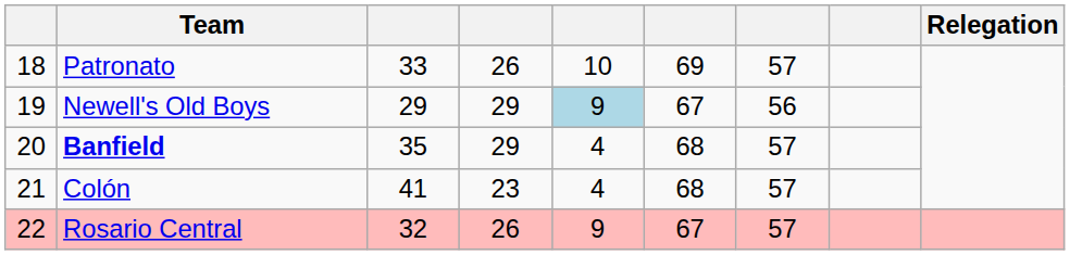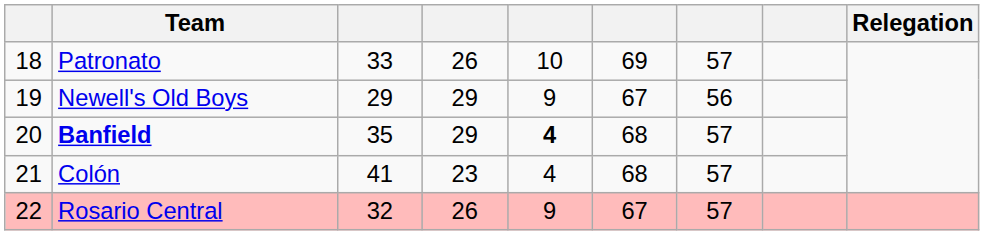 <table class="wikitable sortable" style="text-align: center;">
 <tr>
 <th width=25></th>
 <th width=185>Team</th>
 <th width=50></th>
 <th width=50></th>
 <th width=50></th>
 <th width=50></th>
 <th width=50></th>
 <th width=50></th>
 <th>Relegation</th>
 </tr>
 <tr>
 <td>18</td>
 <td align="left"><a href='#'>Patronato</a></td>
 <td>33</td>
 <td>26</td>
 <td>10</td>
 <td>69</td>
 <td>57</td>
 <td><strong></strong></td>
 </tr>
 <tr>
 <td>19</td>
 <td align="left"><a href='#'>Newell's Old Boys</a></td>
 <td>29</td>
 <td>29</td>
-<td style="background: lightblue;">9</td>
+<td>9</td>
 <td>67</td>
 <td>56</td>
 <td><strong></strong></td>
 </tr>
 <tr>
 <td>20</td>
 <td align="left"><strong><a href='#'>Banfield</a></strong></td>
 <td>35</td>
 <td>29</td>
-<td>4</td>
+<td><strong>4</strong></td>
 <td>68</td>
 <td>57</td>
 <td><strong></strong></td>
 </tr>
 <tr>
 <td>21</td>
 <td align="left"><a href='#'>Colón</a></td>
 <td>41</td>
 <td>23</td>
 <td>4</td>
 <td>68</td>
 <td>57</td>
 <td><strong></strong></td>
 </tr>
 <tr bgcolor=#FFBBBB>
 <td>22</td>
 <td align="left"><a href='#'>Rosario Central</a></td>
 <td>32</td>
 <td>26</td>
 <td>9</td>
 <td>67</td>
 <td>57</td>
 <td><strong></strong></td>
 <td rowspan=3></td>
 </tr>
 </table>
